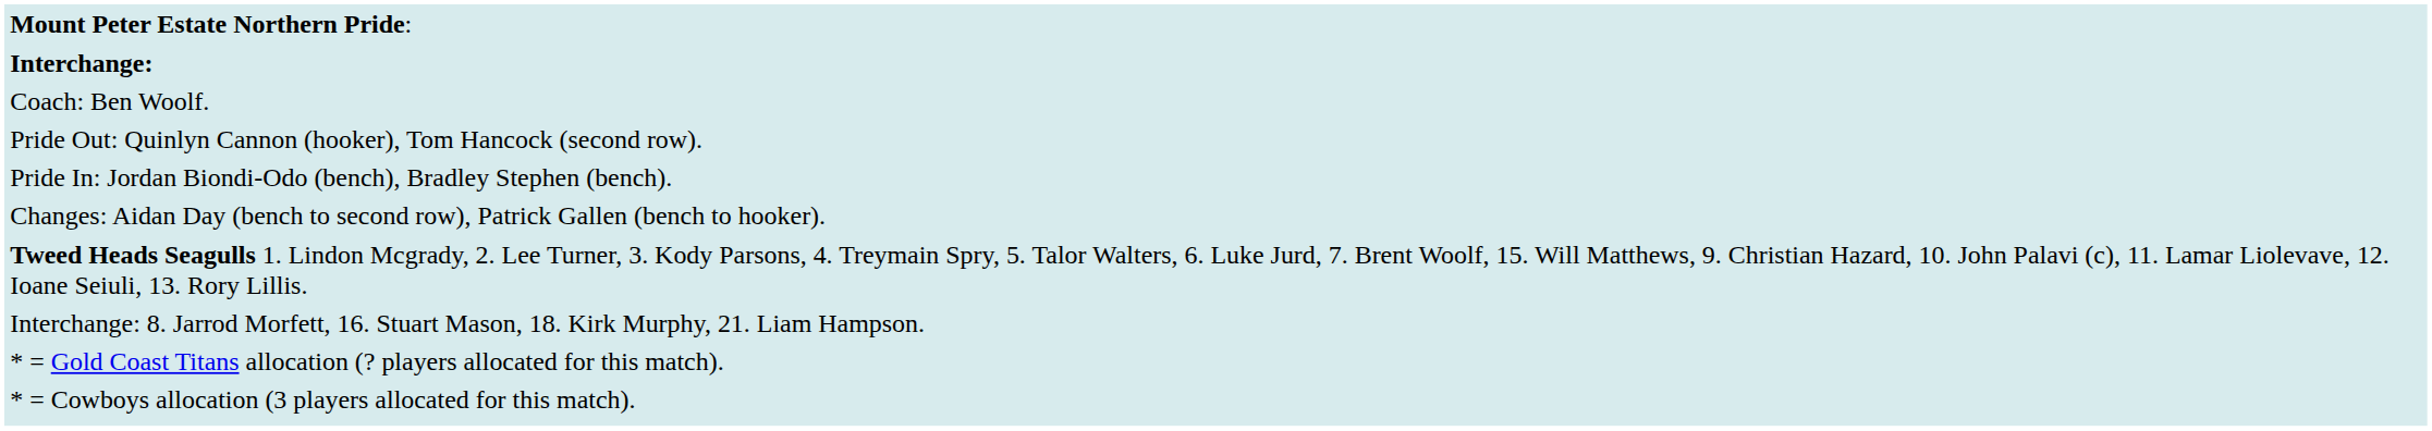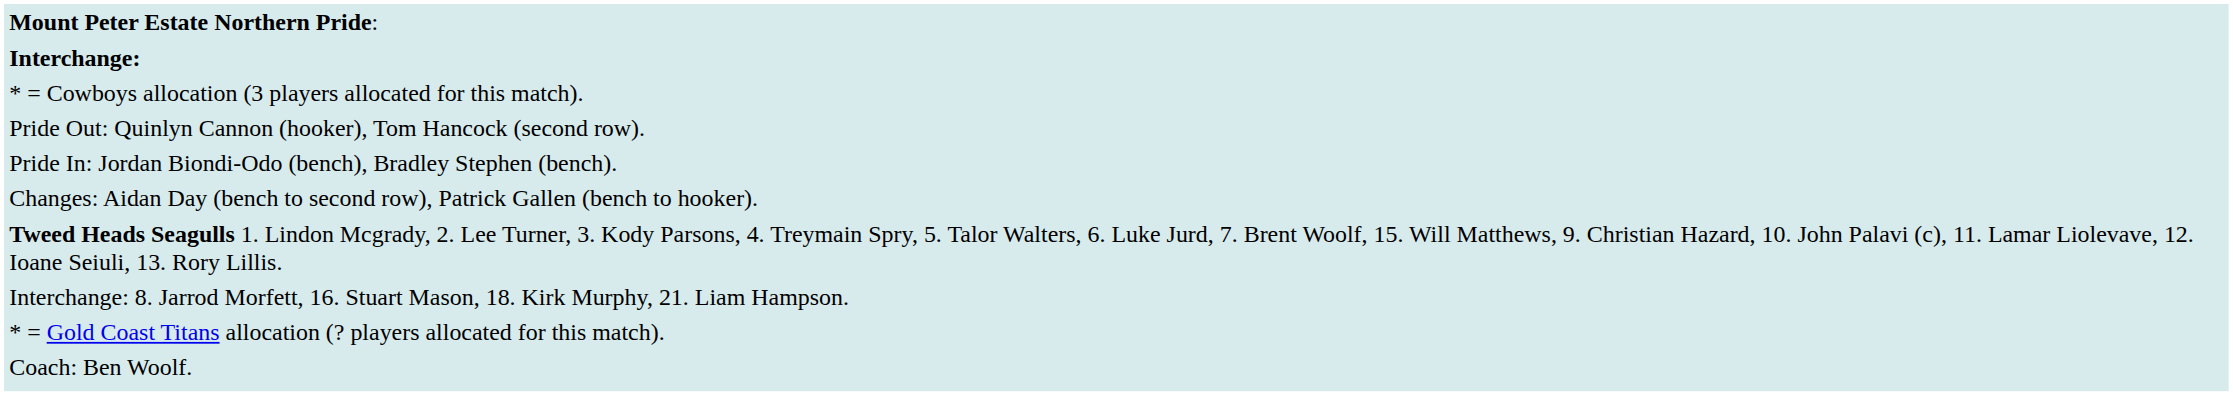 <table style="background:#d7ebed; font-size:85%; width:100%;">
 <tr>
 <td><strong>Mount Peter Estate Northern Pride</strong>:             </td>
 </tr>
 <tr>
 <td><strong>Interchange:    </strong></td>
 </tr>
 <tr>
-<td>Coach: Ben Woolf.</td>
+<td>* = Cowboys allocation (3 players allocated for this match).</td>
 </tr>
 <tr>
 <td>Pride Out: Quinlyn Cannon (hooker), Tom Hancock (second row).</td>
 </tr>
 <tr>
 <td>Pride In: Jordan Biondi-Odo (bench), Bradley Stephen (bench).</td>
 </tr>
 <tr>
 <td>Changes: Aidan Day (bench to second row), Patrick Gallen (bench to hooker).</td>
 </tr>
 <tr>
 <td><strong>Tweed Heads Seagulls</strong> 1. Lindon Mcgrady, 2. Lee Turner, 3. Kody Parsons, 4. Treymain Spry, 5. Talor Walters, 6. Luke Jurd, 7. Brent Woolf, 15. Will Matthews, 9. Christian Hazard, 10. John Palavi (c), 11. Lamar Liolevave, 12. Ioane Seiuli, 13. Rory Lillis.</td>
 </tr>
 <tr>
 <td>Interchange: 8. Jarrod Morfett, 16. Stuart Mason, 18. Kirk Murphy, 21. Liam Hampson.</td>
 </tr>
 <tr>
 <td>* = <a href='#'>Gold Coast Titans</a> allocation (? players allocated for this match).</td>
 </tr>
 <tr>
-<td>* = Cowboys allocation (3 players allocated for this match).</td>
+<td>Coach: Ben Woolf.</td>
 </tr>
 <tr>
 </tr>
 </table>
